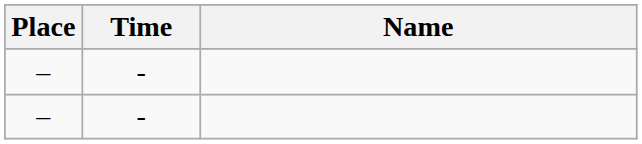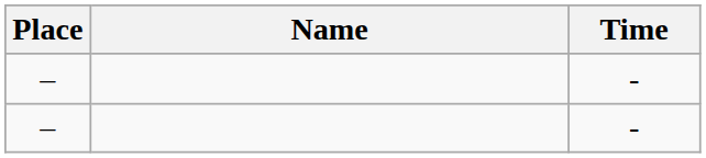 <table class=wikitable style="text-align:center">
 <tr>
 <th width=20>Place</th>
+<th width=240>Name</th>
 <th width=60>Time</th>
-<th width=240>Name</th>
 </tr>
 <tr>
 <td>–</td>
+<td align=left></td>
 <td>-</td>
-<td align=left></td>
 </tr>
 <tr>
 <td>–</td>
+<td align=left></td>
 <td>-</td>
-<td align=left></td>
 </tr>
 </table>
